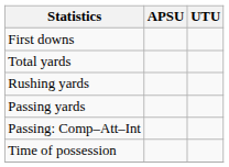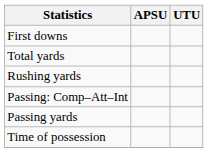 <table class="wikitable" style="float: left;">
 <tr>
 <th>Statistics</th>
 <th>APSU</th>
 <th>UTU</th>
 </tr>
 <tr>
 <td>First downs</td>
 <td></td>
 <td></td>
 </tr>
 <tr>
 <td>Total yards</td>
 <td></td>
 <td></td>
 </tr>
 <tr>
 <td>Rushing yards</td>
 <td></td>
 <td></td>
 </tr>
 <tr>
-<td>Passing yards</td>
+<td>Passing: Comp–Att–Int</td>
 <td></td>
 <td></td>
 </tr>
 <tr>
-<td>Passing: Comp–Att–Int</td>
+<td>Passing yards</td>
 <td></td>
 <td></td>
 </tr>
 <tr>
 <td>Time of possession</td>
 <td></td>
 <td></td>
 </tr>
 <tr>
 </tr>
 </table>
